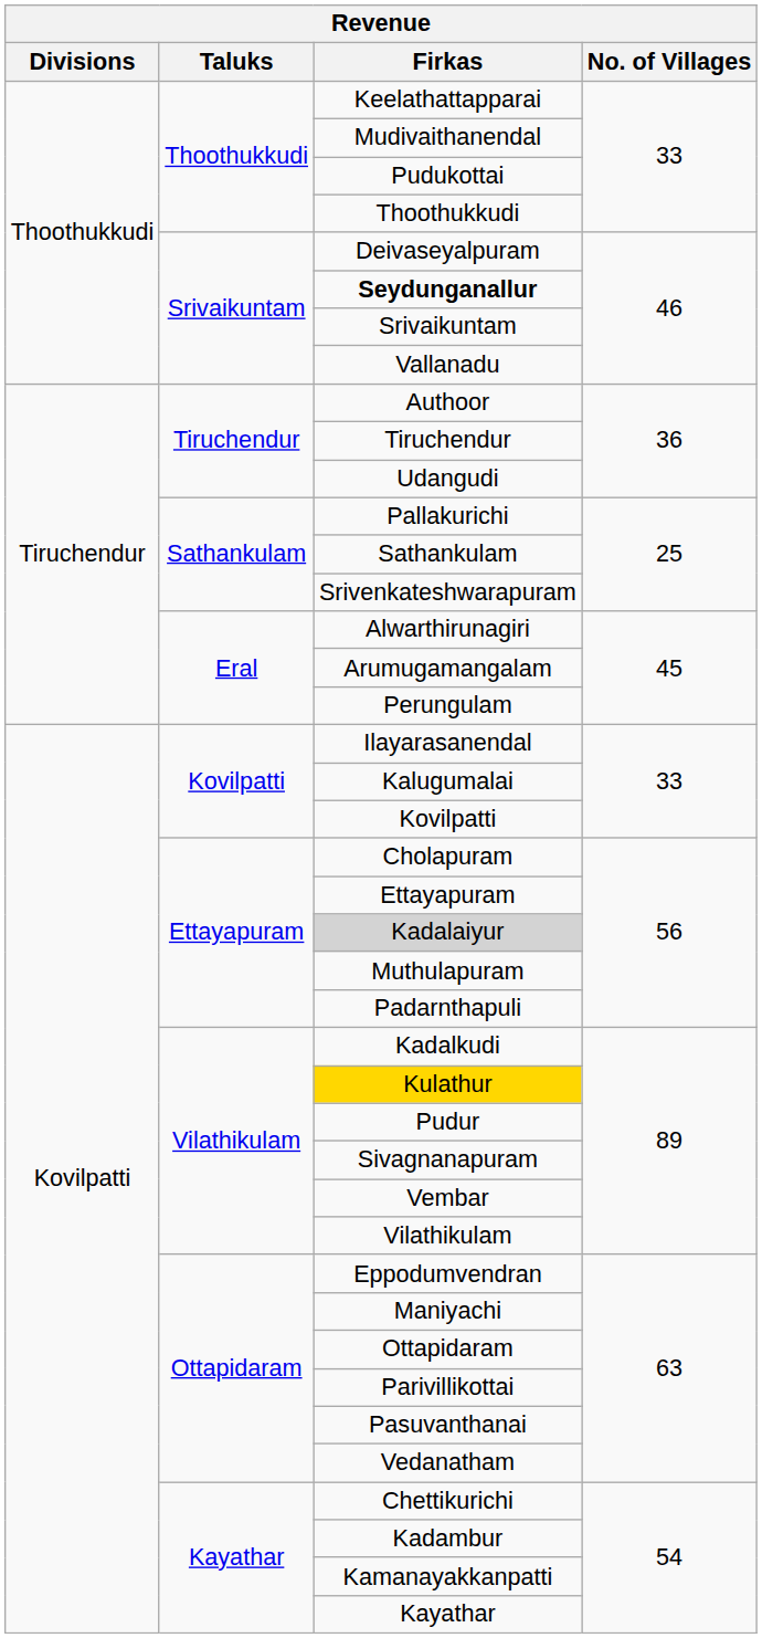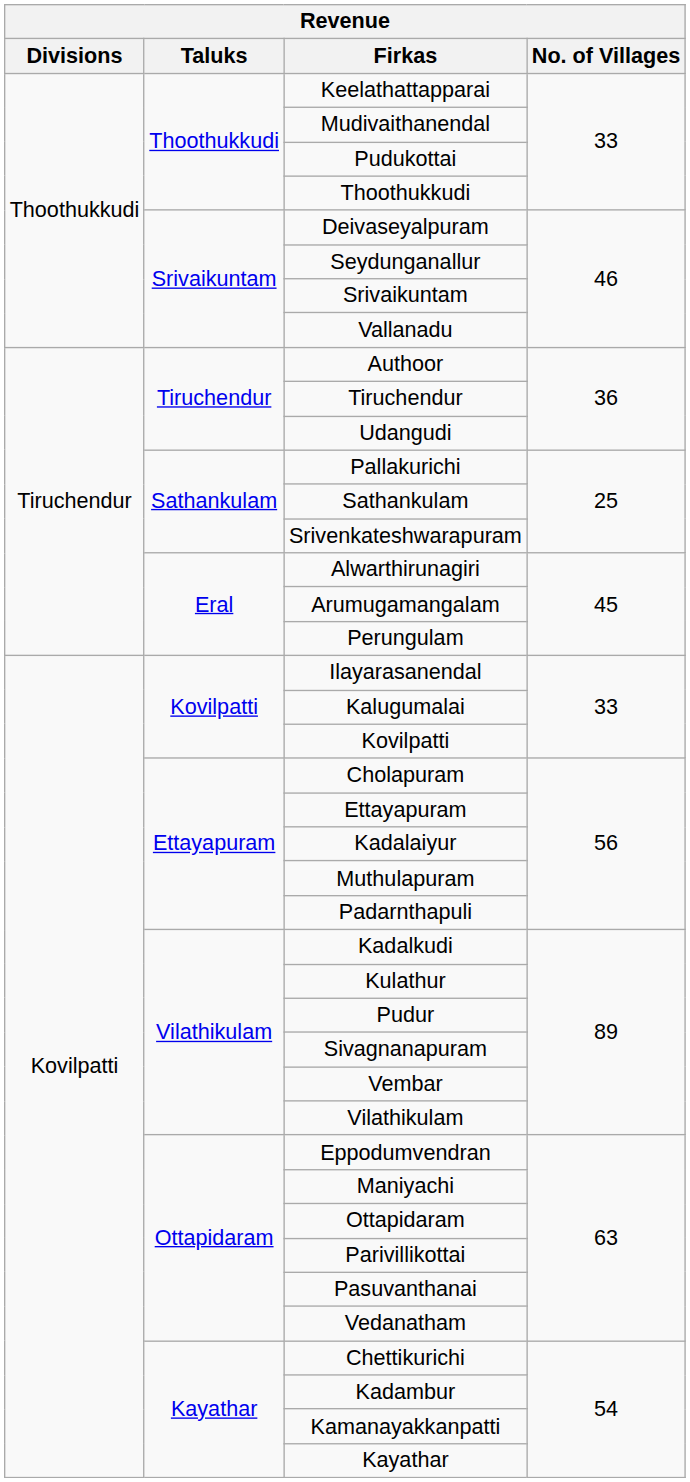 <table class="wikitable" style="text-align:center">
 <tr>
 <th colspan=4>Revenue</th>
 </tr>
 <tr>
 <th>Divisions</th>
 <th>Taluks</th>
 <th>Firkas</th>
 <th>No. of Villages</th>
 </tr>
 <tr>
 <td rowspan=8>Thoothukkudi</td>
 <td rowspan=4><a href='#'>Thoothukkudi</a></td>
 <td>Keelathattapparai</td>
 <td rowspan=4>33</td>
 </tr>
 <tr>
 <td>Mudivaithanendal</td>
 </tr>
 <tr>
 <td>Pudukottai</td>
 </tr>
 <tr>
 <td>Thoothukkudi</td>
 </tr>
 <tr>
 <td rowspan=4><a href='#'>Srivaikuntam</a></td>
 <td>Deivaseyalpuram</td>
 <td rowspan=4>46</td>
 </tr>
 <tr>
-<td><strong>Seydunganallur</strong></td>
+<td>Seydunganallur</td>
 </tr>
 <tr>
 <td>Srivaikuntam</td>
 </tr>
 <tr>
 <td>Vallanadu</td>
 </tr>
 <tr>
 <td rowspan=9>Tiruchendur</td>
 <td rowspan=3><a href='#'>Tiruchendur</a></td>
 <td>Authoor</td>
 <td rowspan=3>36</td>
 </tr>
 <tr>
 <td>Tiruchendur</td>
 </tr>
 <tr>
 <td>Udangudi</td>
 </tr>
 <tr>
 <td rowspan=3><a href='#'>Sathankulam</a></td>
 <td>Pallakurichi</td>
 <td rowspan=3>25</td>
 </tr>
 <tr>
 <td>Sathankulam</td>
 </tr>
 <tr>
 <td>Srivenkateshwarapuram</td>
 </tr>
 <tr>
 <td rowspan=3><a href='#'>Eral</a></td>
 <td>Alwarthirunagiri</td>
 <td rowspan=3>45</td>
 </tr>
 <tr>
 <td>Arumugamangalam</td>
 </tr>
 <tr>
 <td>Perungulam</td>
 </tr>
 <tr>
 <td rowspan=24>Kovilpatti</td>
 <td rowspan=3><a href='#'>Kovilpatti</a></td>
 <td>Ilayarasanendal</td>
 <td rowspan=3>33</td>
 </tr>
 <tr>
 <td>Kalugumalai</td>
 </tr>
 <tr>
 <td>Kovilpatti</td>
 </tr>
 <tr>
 <td rowspan=5><a href='#'>Ettayapuram</a></td>
 <td>Cholapuram</td>
 <td rowspan=5>56</td>
 </tr>
 <tr>
 <td>Ettayapuram</td>
 </tr>
 <tr>
-<td style="background: lightgrey;">Kadalaiyur</td>
+<td>Kadalaiyur</td>
 </tr>
 <tr>
 <td>Muthulapuram</td>
 </tr>
 <tr>
 <td>Padarnthapuli</td>
 </tr>
 <tr>
 <td rowspan=6><a href='#'>Vilathikulam</a></td>
 <td>Kadalkudi</td>
 <td rowspan=6>89</td>
 </tr>
 <tr>
-<td style="background: gold;">Kulathur</td>
+<td>Kulathur</td>
 </tr>
 <tr>
 <td>Pudur</td>
 </tr>
 <tr>
 <td>Sivagnanapuram</td>
 </tr>
 <tr>
 <td>Vembar</td>
 </tr>
 <tr>
 <td>Vilathikulam</td>
 </tr>
 <tr>
 <td rowspan=6><a href='#'>Ottapidaram</a></td>
 <td>Eppodumvendran</td>
 <td rowspan=6>63</td>
 </tr>
 <tr>
 <td>Maniyachi</td>
 </tr>
 <tr>
 <td>Ottapidaram</td>
 </tr>
 <tr>
 <td>Parivillikottai</td>
 </tr>
 <tr>
 <td>Pasuvanthanai</td>
 </tr>
 <tr>
 <td>Vedanatham</td>
 </tr>
 <tr>
 <td rowspan=4><a href='#'>Kayathar</a></td>
 <td>Chettikurichi</td>
 <td rowspan=4>54</td>
 </tr>
 <tr>
 <td>Kadambur</td>
 </tr>
 <tr>
 <td>Kamanayakkanpatti</td>
 </tr>
 <tr>
 <td>Kayathar</td>
 </tr>
 </table>
